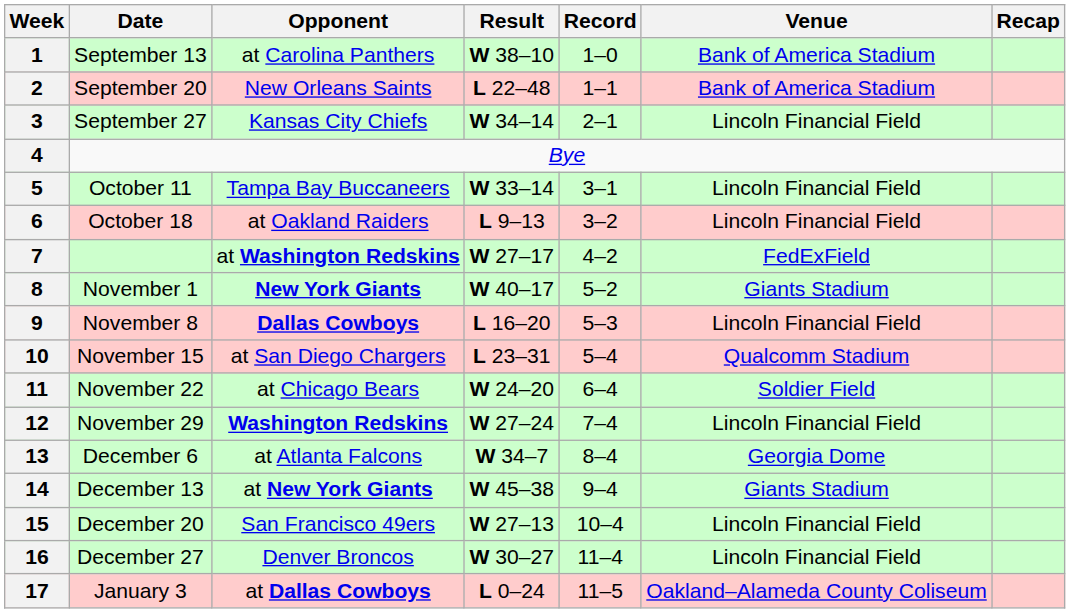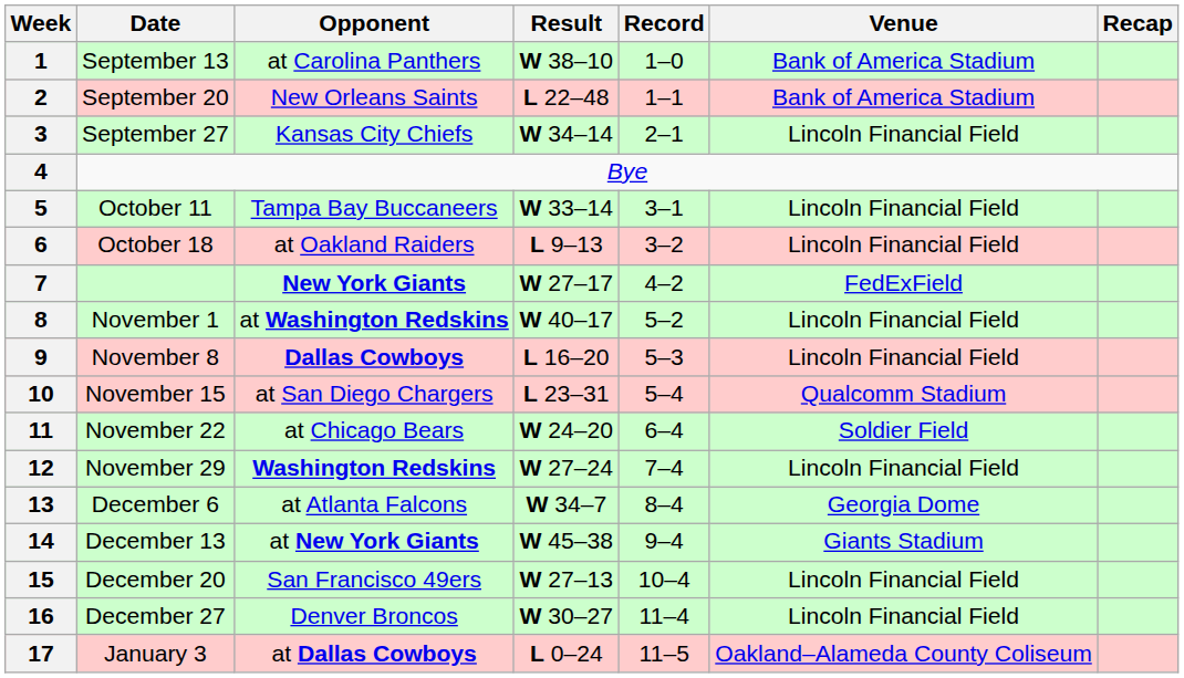 <table class="wikitable" style="text-align:center">
 <tr>
 <th>Week</th>
 <th>Date</th>
 <th>Opponent</th>
 <th>Result</th>
 <th>Record</th>
 <th>Venue</th>
 <th>Recap</th>
 </tr>
 <tr style="background:#cfc">
 <th>1</th>
 <td>September 13</td>
 <td>at <a href='#'>Carolina Panthers</a></td>
 <td><strong>W</strong> 38–10</td>
 <td>1–0</td>
 <td><a href='#'>Bank of America Stadium</a></td>
 <td></td>
 </tr>
 <tr style="background:#fcc">
 <th>2</th>
 <td>September 20</td>
 <td><a href='#'>New Orleans Saints</a></td>
 <td><strong>L</strong> 22–48</td>
 <td>1–1</td>
 <td><a href='#'>Bank of America Stadium</a></td>
 <td></td>
 </tr>
 <tr style="background:#cfc">
 <th>3</th>
 <td>September 27</td>
 <td><a href='#'>Kansas City Chiefs</a></td>
 <td><strong>W</strong> 34–14</td>
 <td>2–1</td>
 <td>Lincoln Financial Field</td>
 <td></td>
 </tr>
 <tr>
 <th>4</th>
 <td colspan="6"><em><a href='#'>Bye</a></em></td>
 </tr>
 <tr style="background:#cfc">
 <th>5</th>
 <td>October 11</td>
 <td><a href='#'>Tampa Bay Buccaneers</a></td>
 <td><strong>W</strong> 33–14</td>
 <td>3–1</td>
 <td>Lincoln Financial Field</td>
 <td></td>
 </tr>
 <tr style="background:#fcc">
 <th>6</th>
 <td>October 18</td>
 <td>at <a href='#'>Oakland Raiders</a></td>
 <td><strong>L</strong> 9–13</td>
 <td>3–2</td>
 <td>Lincoln Financial Field</td>
 <td></td>
 </tr>
 <tr style="background:#cfc">
 <th>7</th>
 <td></td>
-<td>at <strong><a href='#'>Washington Redskins</a></strong></td>
+<td><strong><a href='#'>New York Giants</a></strong></td>
 <td><strong>W</strong> 27–17</td>
 <td>4–2</td>
 <td><a href='#'>FedExField</a></td>
 <td></td>
 </tr>
 <tr style="background:#cfc">
 <th>8</th>
 <td>November 1</td>
-<td><strong><a href='#'>New York Giants</a></strong></td>
+<td>at <strong><a href='#'>Washington Redskins</a></strong></td>
 <td><strong>W</strong> 40–17</td>
 <td>5–2</td>
-<td><a href='#'>Giants Stadium</a></td>
+<td>Lincoln Financial Field</td>
 <td></td>
 </tr>
 <tr style="background:#fcc">
 <th>9</th>
 <td>November 8</td>
 <td><strong><a href='#'>Dallas Cowboys</a></strong></td>
 <td><strong>L</strong> 16–20</td>
 <td>5–3</td>
 <td>Lincoln Financial Field</td>
 <td></td>
 </tr>
 <tr style="background:#fcc">
 <th>10</th>
 <td>November 15</td>
 <td>at <a href='#'>San Diego Chargers</a></td>
 <td><strong>L</strong> 23–31</td>
 <td>5–4</td>
 <td><a href='#'>Qualcomm Stadium</a></td>
 <td></td>
 </tr>
 <tr style="background:#cfc">
 <th>11</th>
 <td>November 22</td>
 <td>at <a href='#'>Chicago Bears</a></td>
 <td><strong>W</strong> 24–20</td>
 <td>6–4</td>
 <td><a href='#'>Soldier Field</a></td>
 <td></td>
 </tr>
 <tr style="background:#cfc">
 <th>12</th>
 <td>November 29</td>
 <td><strong><a href='#'>Washington Redskins</a></strong></td>
 <td><strong>W</strong> 27–24</td>
 <td>7–4</td>
 <td>Lincoln Financial Field</td>
 <td></td>
 </tr>
 <tr style="background:#cfc">
 <th>13</th>
 <td>December 6</td>
 <td>at <a href='#'>Atlanta Falcons</a></td>
 <td><strong>W</strong> 34–7</td>
 <td>8–4</td>
 <td><a href='#'>Georgia Dome</a></td>
 <td></td>
 </tr>
 <tr style="background:#cfc">
 <th>14</th>
 <td>December 13</td>
 <td>at <strong><a href='#'>New York Giants</a></strong></td>
 <td><strong>W</strong> 45–38</td>
 <td>9–4</td>
 <td><a href='#'>Giants Stadium</a></td>
 <td></td>
 </tr>
 <tr style="background:#cfc">
 <th>15</th>
 <td>December 20</td>
 <td><a href='#'>San Francisco 49ers</a></td>
 <td><strong>W</strong> 27–13</td>
 <td>10–4</td>
 <td>Lincoln Financial Field</td>
 <td></td>
 </tr>
 <tr style="background:#cfc">
 <th>16</th>
 <td>December 27</td>
 <td><a href='#'>Denver Broncos</a></td>
 <td><strong>W</strong> 30–27</td>
 <td>11–4</td>
 <td>Lincoln Financial Field</td>
 <td></td>
 </tr>
 <tr style="background:#fcc">
 <th>17</th>
 <td>January 3</td>
 <td>at <strong><a href='#'>Dallas Cowboys</a></strong></td>
 <td><strong>L</strong> 0–24</td>
 <td>11–5</td>
 <td><a href='#'>Oakland–Alameda County Coliseum</a></td>
 <td></td>
 </tr>
 </table>
